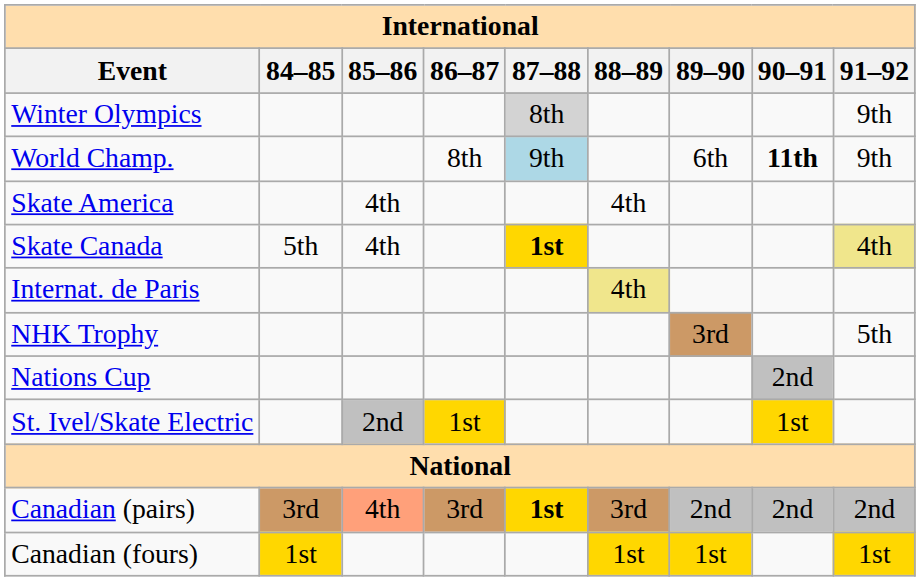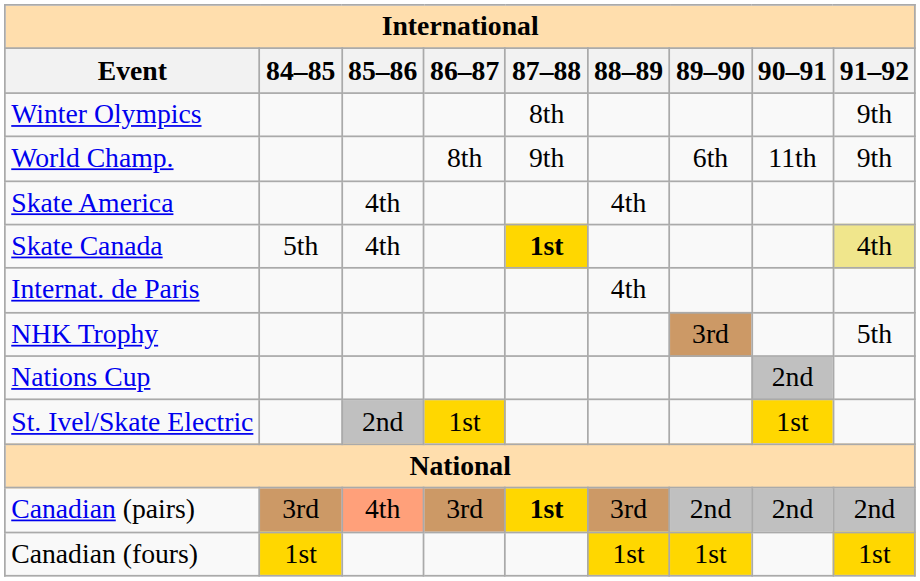 <table class="wikitable" style="text-align:center">
 <tr>
 <th style="background-color: #ffdead; " colspan=9 align=center>International</th>
 </tr>
 <tr>
 <th>Event</th>
 <th>84–85</th>
 <th>85–86</th>
 <th>86–87</th>
 <th>87–88</th>
 <th>88–89</th>
 <th>89–90</th>
 <th>90–91</th>
 <th>91–92</th>
 </tr>
 <tr>
 <td align=left><a href='#'>Winter Olympics</a></td>
 <td></td>
 <td></td>
 <td></td>
-<td style="background: lightgrey;">8th</td>
+<td>8th</td>
 <td></td>
 <td></td>
 <td></td>
 <td>9th</td>
 </tr>
 <tr>
 <td align=left><a href='#'>World Champ.</a></td>
 <td></td>
 <td></td>
 <td>8th</td>
-<td style="background: lightblue;">9th</td>
+<td>9th</td>
 <td></td>
 <td>6th</td>
-<td><strong>11th</strong></td>
+<td>11th</td>
 <td>9th</td>
 </tr>
 <tr>
 <td align=left><a href='#'>Skate America</a></td>
 <td></td>
 <td>4th</td>
 <td></td>
 <td></td>
 <td>4th</td>
 <td></td>
 <td></td>
 <td></td>
 </tr>
 <tr>
 <td align=left><a href='#'>Skate Canada</a></td>
 <td>5th</td>
 <td>4th</td>
 <td></td>
 <td bgcolor=gold><strong>1st</strong></td>
 <td></td>
 <td></td>
 <td></td>
 <td style="background: khaki;">4th</td>
 </tr>
 <tr>
 <td align=left><a href='#'>Internat. de Paris</a></td>
 <td></td>
 <td></td>
 <td></td>
 <td></td>
-<td style="background: khaki;">4th</td>
+<td>4th</td>
 <td></td>
 <td></td>
 <td></td>
 </tr>
 <tr>
 <td align=left><a href='#'>NHK Trophy</a></td>
 <td></td>
 <td></td>
 <td></td>
 <td></td>
 <td></td>
 <td bgcolor=cc9966>3rd</td>
 <td></td>
 <td>5th</td>
 </tr>
 <tr>
 <td align=left><a href='#'>Nations Cup</a></td>
 <td></td>
 <td></td>
 <td></td>
 <td></td>
 <td></td>
 <td></td>
 <td bgcolor=silver>2nd</td>
 <td></td>
 </tr>
 <tr>
 <td align=left><a href='#'>St. Ivel/Skate Electric</a></td>
 <td></td>
 <td bgcolor=silver>2nd</td>
 <td bgcolor=gold>1st</td>
 <td></td>
 <td></td>
 <td></td>
 <td bgcolor=gold>1st</td>
 <td></td>
 </tr>
 <tr>
 <th style="background-color: #ffdead; " colspan=9 align=center>National</th>
 </tr>
 <tr>
 <td align=left><a href='#'>Canadian</a> (pairs)</td>
 <td bgcolor=cc9966>3rd</td>
 <td style="background: lightsalmon;">4th</td>
 <td bgcolor=cc9966>3rd</td>
 <td bgcolor=gold><strong>1st</strong></td>
 <td bgcolor=cc9966>3rd</td>
 <td bgcolor=silver>2nd</td>
 <td bgcolor=silver>2nd</td>
 <td bgcolor=silver>2nd</td>
 </tr>
 <tr>
 <td align=left>Canadian (fours)</td>
 <td bgcolor=gold>1st</td>
 <td></td>
 <td></td>
 <td></td>
 <td bgcolor=gold>1st</td>
 <td bgcolor=gold>1st</td>
 <td></td>
 <td bgcolor=gold>1st</td>
 </tr>
 </table>
